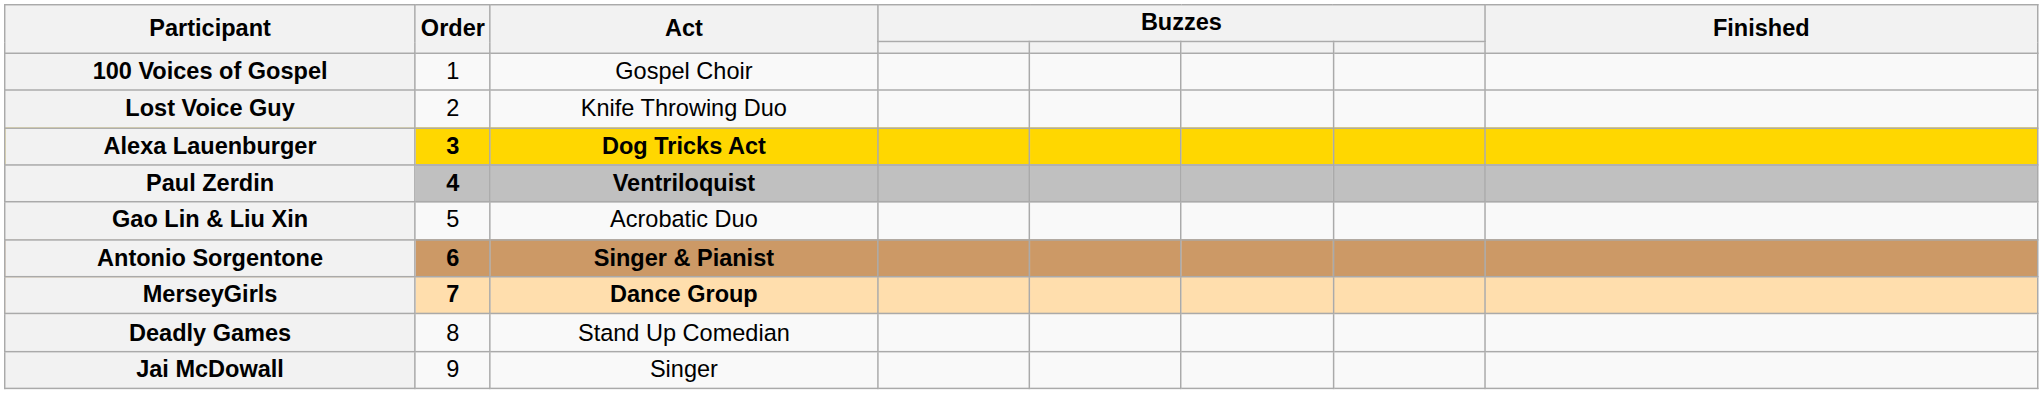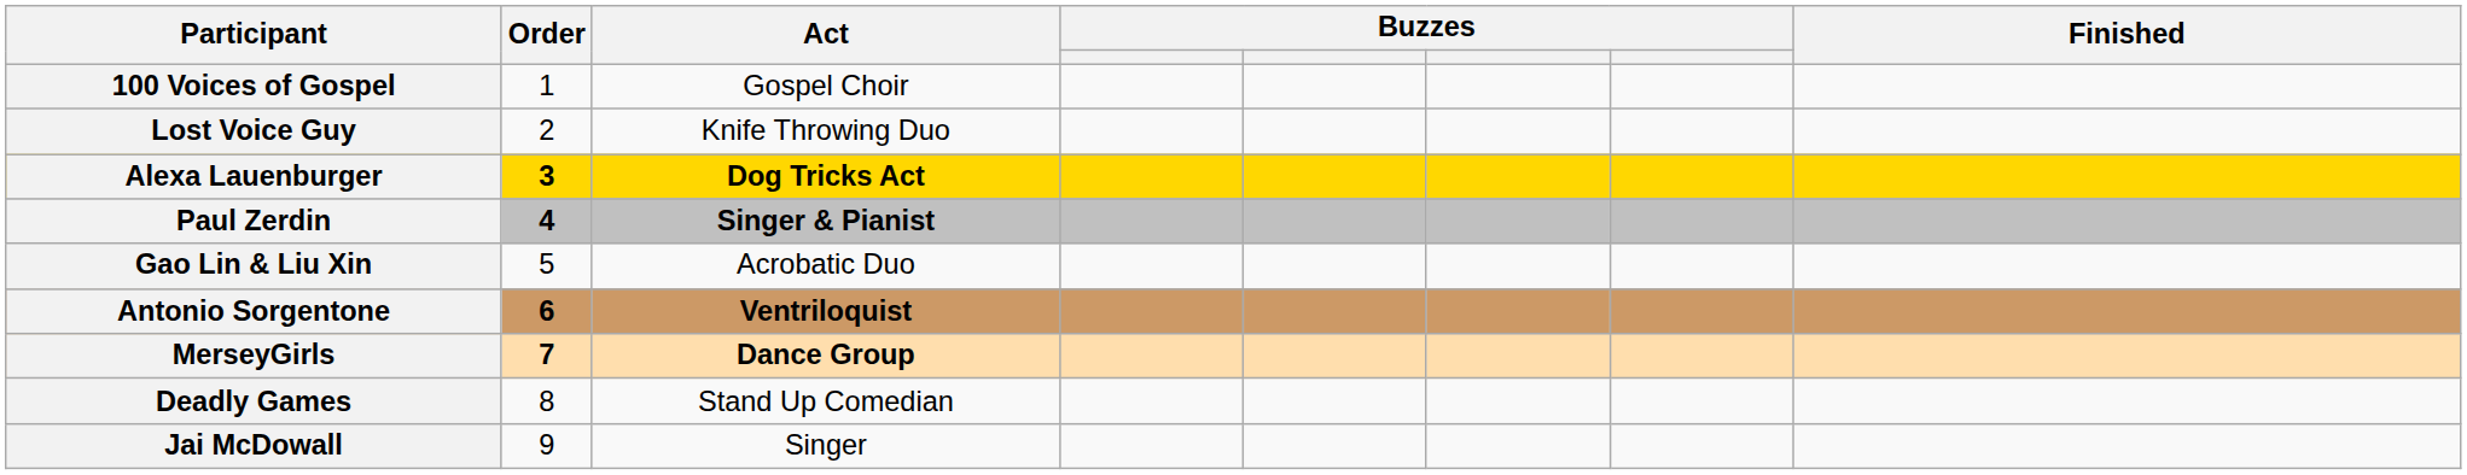 <table class="wikitable plainrowheaders sortable" style="text-align:center;">
 <tr>
 <th scope="col" rowspan="2" class="unsortable" style="width:17em;">Participant</th>
 <th scope="col" rowspan="2" style="width:1em;">Order</th>
 <th scope="col" rowspan="2" class="unsortable" style="width:16em;">Act</th>
 <th scope="col" colspan="4" class="unsortable" style="width:24em;">Buzzes</th>
 <th scope="col" rowspan="2" style="width:23em;">Finished</th>
 </tr>
 <tr>
 <th scope="col" class="unsortable" style="width:6em;"></th>
 <th scope="col" class="unsortable" style="width:6em;"></th>
 <th scope="col" class="unsortable" style="width:6em;"></th>
 <th scope="col" class="unsortable" style="width:6em;"></th>
 </tr>
 <tr>
 <th scope="row">100 Voices of Gospel</th>
 <td>1</td>
 <td>Gospel Choir</td>
 <td style="text-align:center;"></td>
 <td style="text-align:center;"></td>
 <td style="text-align:center;"></td>
 <td style="text-align:center;"></td>
 <td></td>
 </tr>
 <tr>
 <th scope="row">Lost Voice Guy</th>
 <td>2</td>
 <td>Knife Throwing Duo</td>
 <td style="text-align:center;"></td>
 <td style="text-align:center;"></td>
 <td style="text-align:center;"></td>
 <td style="text-align:center;"></td>
 <td></td>
 </tr>
 <tr bgcolor=gold>
 <th scope="row"><strong>Alexa Lauenburger</strong></th>
 <td><strong>3</strong></td>
 <td><strong>Dog Tricks Act</strong></td>
 <td style="text-align:center;"></td>
 <td style="text-align:center;"></td>
 <td style="text-align:center;"></td>
 <td style="text-align:center;"></td>
 <td><strong></strong></td>
 </tr>
 <tr bgcolor=silver>
 <th scope="row"><strong>Paul Zerdin</strong></th>
 <td><strong>4</strong></td>
-<td><strong>Ventriloquist</strong></td>
+<td><strong>Singer & Pianist</strong></td>
 <td style="text-align:center;"></td>
 <td style="text-align:center;"></td>
 <td style="text-align:center;"></td>
 <td style="text-align:center;"></td>
 <td><strong></strong></td>
 </tr>
 <tr>
 <th scope="row">Gao Lin & Liu Xin</th>
 <td>5</td>
 <td>Acrobatic Duo</td>
 <td style="text-align:center;"></td>
 <td style="text-align:center;"></td>
 <td style="text-align:center;"></td>
 <td style="text-align:center;"></td>
 <td></td>
 </tr>
 <tr bgcolor=#c96>
 <th scope="row"><strong>Antonio Sorgentone</strong></th>
 <td><strong>6</strong></td>
-<td><strong>Singer & Pianist</strong></td>
+<td><strong>Ventriloquist</strong></td>
 <td style="text-align:center;"></td>
 <td style="text-align:center;"></td>
 <td style="text-align:center;"></td>
 <td style="text-align:center;"></td>
 <td><strong></strong></td>
 </tr>
 <tr bgcolor="navajowhite">
 <th scope="row"><strong>MerseyGirls</strong></th>
 <td><strong>7</strong></td>
 <td><strong>Dance Group</strong></td>
 <td style="text-align:center;"></td>
 <td style="text-align:center;"></td>
 <td style="text-align:center;"></td>
 <td style="text-align:center;"></td>
 <td><strong></strong></td>
 </tr>
 <tr>
 <th scope="row">Deadly Games</th>
 <td>8</td>
 <td>Stand Up Comedian</td>
 <td style="text-align:center;"></td>
 <td style="text-align:center;"></td>
 <td style="text-align:center;"></td>
 <td style="text-align:center;"></td>
 <td></td>
 </tr>
 <tr>
 <th scope="row">Jai McDowall</th>
 <td>9</td>
 <td>Singer</td>
 <td style="text-align:center;"></td>
 <td style="text-align:center;"></td>
 <td style="text-align:center;"></td>
 <td style="text-align:center;"></td>
 <td></td>
 </tr>
 </table>
